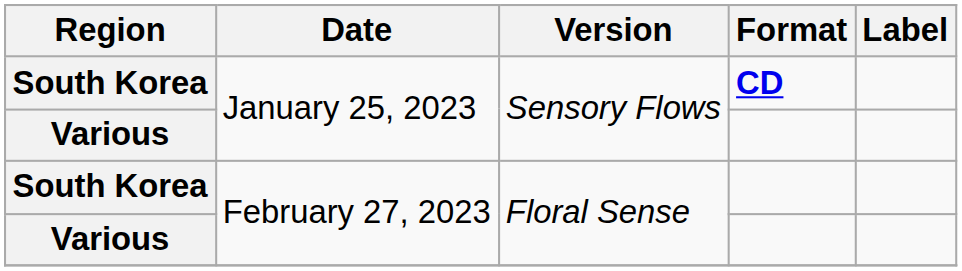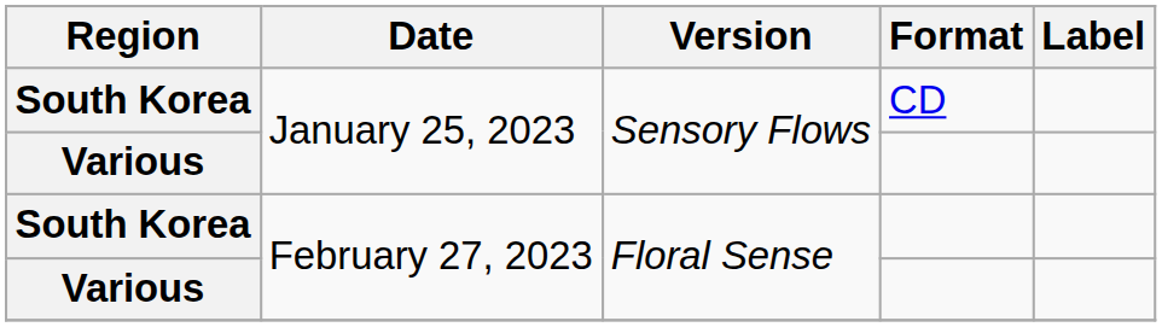 <table class="wikitable plainrowheaders">
 <tr>
 <th scope="col">Region</th>
 <th scope="col">Date</th>
 <th scope="col">Version</th>
 <th scope="col">Format</th>
 <th scope="col">Label</th>
 </tr>
 <tr>
 <th scope="row">South Korea</th>
 <td rowspan="2">January 25, 2023</td>
 <td rowspan="2"><em>Sensory Flows</em></td>
-<td><strong><a href='#'>CD</a></strong></td>
+<td><a href='#'>CD</a></td>
 <td></td>
 </tr>
 <tr>
 <th scope="row">Various </th>
 <td></td>
 <td></td>
 </tr>
 <tr>
 <th scope="row">South Korea</th>
 <td rowspan="2">February 27, 2023</td>
 <td rowspan="2"><em>Floral Sense</em></td>
 <td></td>
 <td></td>
 </tr>
 <tr>
 <th scope="row">Various </th>
 <td></td>
 <td></td>
 </tr>
 <tr>
 </tr>
 </table>
